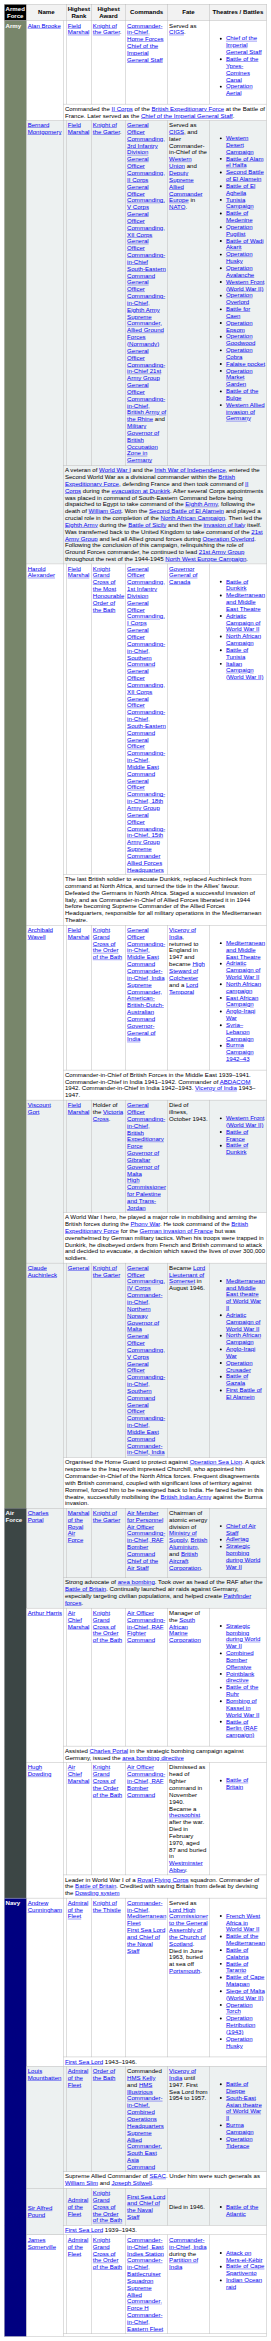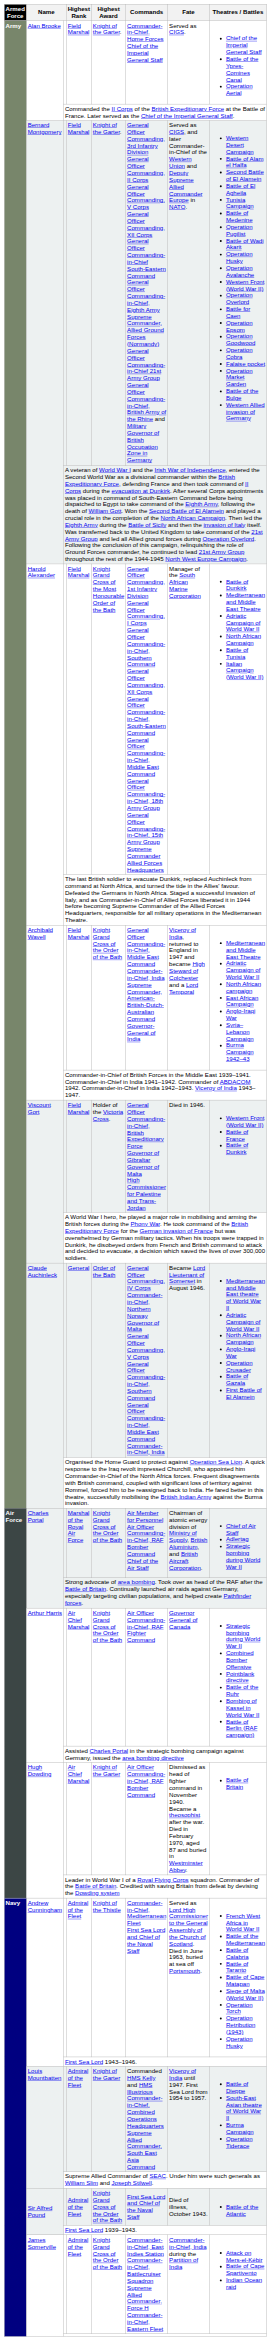 <table class="wikitable">
 <tr>
 <th style="background:#000; color:white;">Armed Force</th>
 <th colspan="2">Name</th>
 <th>Highest Rank</th>
 <th>Highest Award</th>
 <th>Commands</th>
 <th>Fate</th>
 <th>Theatres / Battles</th>
 </tr>
 <tr style="background:#fff;vertical-align: top;">
 <td style="background:#78866b; color:white;" rowspan="12"><strong>Army</strong></td>
 <td rowspan="2"><a href='#'>Alan Brooke</a></td>
 <td></td>
 <td><a href='#'>Field Marshal</a></td>
 <td><a href='#'>Knight of the Garter</a>.</td>
 <td><a href='#'>Commander-in-Chief, Home Forces</a><br><a href='#'>Chief of the Imperial General Staff</a></td>
 <td>Served as <a href='#'>CIGS</a>.</td>
 <td><br><ul><li><a href='#'>Chief of the Imperial General Staff</a></li><li><a href='#'>Battle of the Ypres-Comines Canal</a></li><li><a href='#'>Operation Aerial</a></li></ul></td>
 </tr>
 <tr style="background:#fff;vertical-align: top;">
 <td colspan="8">Commanded the <a href='#'>II Corps</a> of the <a href='#'>British Expeditionary Force</a> at the Battle of France. Later served as the <a href='#'>Chief of the Imperial General Staff</a>.</td>
 </tr>
 <tr style="background:#edf1f1;vertical-align: top;">
 <td rowspan="2"><a href='#'>Bernard Montgomery</a></td>
 <td></td>
 <td><a href='#'>Field Marshal</a></td>
 <td><a href='#'>Knight of the Garter</a>.</td>
 <td><a href='#'>General Officer Commanding, 3rd Infantry Division</a><br><a href='#'>General Officer Commanding, II Corps</a><br><a href='#'>General Officer Commanding, V Corps</a><br><a href='#'>General Officer Commanding, XII Corps</a><br><a href='#'>General Officer Commanding-in-Chief South-Eastern Command</a><br><a href='#'>General Officer Commanding-in-Chief, Eighth Army</a><br><a href='#'>Supreme Commander, Allied Ground Forces (Normandy)</a><br><a href='#'>General Officer Commanding-in-Chief 21st Army Group</a><br><a href='#'>General Officer Commanding-in-Chief, British Army of the Rhine</a> and <a href='#'>Military Governor of British Occupation Zone in Germany</a></td>
 <td>Served as <a href='#'>CIGS</a>, and later Commander-in-Chief of the <a href='#'>Western Union</a> and <a href='#'>Deputy Supreme Allied Commander Europe</a> in <a href='#'>NATO</a>.</td>
 <td><br><ul><li><a href='#'>Western Desert Campaign</a></li><li><a href='#'>Battle of Alam el Halfa</a></li><li><a href='#'>Second Battle of El Alamein</a></li><li><a href='#'>Battle of El Agheila</a></li><li><a href='#'>Tunisia Campaign</a></li><li><a href='#'>Battle of Medenine</a></li><li><a href='#'>Operation Pugilist</a></li><li><a href='#'>Battle of Wadi Akarit</a></li><li><a href='#'>Operation Husky</a></li><li><a href='#'>Operation Avalanche</a></li><li><a href='#'>Western Front (World War II)</a></li><li><a href='#'>Operation Overlord</a></li><li><a href='#'>Battle for Caen</a></li><li><a href='#'>Operation Epsom</a></li><li><a href='#'>Operation Goodwood</a></li><li><a href='#'>Operation Cobra</a></li><li><a href='#'>Falaise pocket</a></li><li><a href='#'>Operation Market Garden</a></li><li><a href='#'>Battle of the Bulge</a></li><li><a href='#'>Western Allied invasion of Germany</a></li></ul></td>
 </tr>
 <tr style="background:#edf1f1;vertical-align: top;">
 <td colspan="8">A veteran of <a href='#'>World War I</a> and the <a href='#'>Irish War of Independence</a>, entered the Second World War as a divisional commander within the <a href='#'>British Expeditionary Force</a>, defending France and then took command of <a href='#'>II Corps</a> during the <a href='#'>evacuation at Dunkirk</a>. After several Corps appointments was placed in command of South-Eastern Command before being dispatched to Egypt to take command of the <a href='#'>Eighth Army</a>, following the death of <a href='#'>William Gott</a>. Won the <a href='#'>Second Battle of El Alamein</a> and played a crucial role in the completion of the <a href='#'>North African Campaign</a>. Then led the <a href='#'>Eighth Army</a> during the <a href='#'>Battle of Sicily</a> and then the <a href='#'>invasion of Italy</a> itself. Was transferred back to the United Kingdom to take command of the <a href='#'>21st Army Group</a> and led all Allied ground forces during <a href='#'>Operation Overlord</a>. Following the conclusion of this campaign, relinquishing the role of Ground Forces commander, he continued to lead <a href='#'>21st Army Group</a> throughout the rest of the 1944-1945 <a href='#'>North West Europe Campaign</a>.</td>
 </tr>
 <tr style="background:#fff;vertical-align: top;">
 <td rowspan="2"><a href='#'>Harold Alexander</a></td>
 <td></td>
 <td><a href='#'>Field Marshal</a></td>
 <td><a href='#'>Knight Grand Cross of the Most Honourable Order of the Bath</a></td>
 <td><a href='#'>General Officer Commanding, 1st Infantry Division</a><br><a href='#'>General Officer Commanding, I Corps</a><br><a href='#'>General Officer Commanding-in-Chief, Southern Command</a><br><a href='#'>General Officer Commanding, XII Corps</a><br><a href='#'>General Officer Commanding-in-Chief, South-Eastern Command</a><br><a href='#'>General Officer Commanding-in-Chief, Middle East Command</a><br><a href='#'>General Officer Commanding-in-Chief, 18th Army Group</a><br><a href='#'>General Officer Commanding-in-Chief, 15th Army Group</a><br><a href='#'>Supreme Commander Allied Forces Headquarters</a></td>
-<td><a href='#'>Governor General of Canada</a></td>
+<td>Manager of the <a href='#'>South African Marine Corporation</a></td>
 <td><br><ul><li><a href='#'>Battle of Dunkirk</a></li><li><a href='#'>Mediterranean and Middle East Theatre</a></li><li><a href='#'>Adriatic Campaign of World War II</a></li><li><a href='#'>North African Campaign</a></li><li><a href='#'>Battle of Tunisia</a></li><li><a href='#'>Italian Campaign (World War II)</a></li></ul></td>
 </tr>
 <tr style="background:white;vertical-align: top;">
 <td colspan="8">The last British soldier to evacuate Dunkirk, replaced Auchinleck from command at North Africa, and turned the tide in the Allies' favour. Defeated the Germans in North Africa. Staged a successful invasion of Italy, and as Commander-in-Chief of Allied Forces liberated it in 1944 before becoming Supreme Commander of the Allied Forces Headquarters, responsible for all military operations in the Mediterranean Theatre.</td>
 </tr>
 <tr style="background:#fff;vertical-align: top;">
 <td rowspan="2"><a href='#'>Archibald Wavell</a></td>
 <td></td>
 <td><a href='#'>Field Marshal</a></td>
 <td><a href='#'>Knight Grand Cross of the Order of the Bath</a></td>
 <td><a href='#'>General Officer Commanding-in-Chief, Middle East Command</a><br><a href='#'>Commander-in-Chief, India</a><br><a href='#'>Supreme Commander, American-British-Dutch-Australian Command</a><br><a href='#'>Governor-General of India</a></td>
 <td><a href='#'>Viceroy of India</a>, returned to England in 1947 and became <a href='#'>High Steward of Colchester</a> and a <a href='#'>Lord Temporal</a></td>
 <td><br><ul><li><a href='#'>Mediterranean and Middle East Theatre</a></li><li><a href='#'>Adriatic Campaign of World War II</a></li><li><a href='#'>North African campaign</a></li><li><a href='#'>East African Campaign</a></li><li><a href='#'>Anglo-Iraqi War</a></li><li><a href='#'>Syria–Lebanon Campaign</a></li><li><a href='#'>Burma Campaign 1942–43</a></li></ul></td>
 </tr>
 <tr style="background:white;">
 <td colspan="8">Commander-in-Chief of British Forces in the Middle East 1939–1941. Commander-in-Chief in India 1941–1942. Commander of <a href='#'>ABDACOM</a> 1942. Commander-in-Chief in India 1942–1943. <a href='#'>Viceroy of India</a> 1943–1947.</td>
 </tr>
 <tr style="background:#edf1f1;vertical-align: top;">
 <td rowspan="2"><a href='#'>Viscount Gort</a></td>
 <td></td>
 <td><a href='#'>Field Marshal</a></td>
 <td>Holder of the <a href='#'>Victoria Cross</a>.</td>
 <td><a href='#'>General Officer Commanding-in-Chief, British Expeditionary Force</a><br><a href='#'>Governor of Gibraltar</a><br><a href='#'>Governor of Malta</a><br><a href='#'>High Commissioner for Palestine and Trans-Jordan</a></td>
-<td>Died of illness, October 1943.</td>
+<td>Died in 1946.</td>
 <td><br><ul><li><a href='#'>Western Front (World War II)</a></li><li><a href='#'>Battle of France</a></li><li><a href='#'>Battle of Dunkirk</a></li></ul></td>
 </tr>
 <tr style="background:#fff;vertical-align: top;">
 <td colspan="8">A World War I hero, he played a major role in mobilising and arming the British forces during the <a href='#'>Phony War</a>. He took command of the <a href='#'>British Expeditionary Force</a> for the <a href='#'>German invasion of France</a> but was overwhelmed by German military tactics. When his troops were trapped in Dunkirk, he disobeyed orders from French and British command to attack and decided to evacuate, a decision which saved the lives of over 300,000 soldiers.</td>
 </tr>
 <tr style="background:#edf1f1;vertical-align: top;">
 <td rowspan="2"><a href='#'>Claude Auchinleck</a></td>
 <td></td>
 <td><a href='#'>General</a></td>
-<td><a href='#'>Knight of the Garter</a></td>
+<td><a href='#'>Order of the Bath</a></td>
 <td><a href='#'>General Officer Commanding, IV Corps</a><br><a href='#'>Commander-in-Chief, Northern Norway</a><br><a href='#'>Governor of Malta</a><br><a href='#'>General Officer Commanding, V Corps</a><br><a href='#'>General Officer Commanding-in-Chief, Southern Command</a><br><a href='#'>General Officer Commanding-in-Chief, Middle East Command</a><br><a href='#'>Commander-in-Chief, India</a></td>
 <td>Became <a href='#'>Lord Lieutenant of Somerset</a> in August 1946.</td>
 <td><br><ul><li><a href='#'>Mediterranean and Middle East theatre of World War II</a></li><li><a href='#'>Adriatic Campaign of World War II</a></li><li><a href='#'>North African Campaign</a></li><li><a href='#'>Anglo-Iraqi War</a></li><li><a href='#'>Operation Crusader</a></li><li><a href='#'>Battle of Gazala</a></li><li><a href='#'>First Battle of El Alamein</a></li></ul></td>
 </tr>
 <tr style="background:white;vertical-align: top;">
 <td colspan="8">Organised the Home Guard to protect against <a href='#'>Operation Sea Lion</a>. A quick response to the Iraq revolt impressed Churchill, who appointed him Commander-in-Chief of the North Africa forces. Frequent disagreements with British command, coupled with significant loss of territory against Rommel, forced him to be reassigned back to India. He fared better in this theatre, successfully mobilising the <a href='#'>British Indian Army</a> against the Burma invasion.</td>
 </tr>
 <tr style="background:#edf1f1;vertical-align: top;">
 <td style="background:#3c4645; color:white;" rowspan="6"><strong>Air Force</strong></td>
 <td rowspan="2"><a href='#'>Charles Portal</a></td>
 <td></td>
 <td><a href='#'>Marshal of the Royal Air Force</a></td>
-<td><a href='#'>Knight of the Garter</a></td>
+<td><a href='#'>Knight Grand Cross of the Order of the Bath</a></td>
 <td><a href='#'>Air Member for Personnel</a><br><a href='#'>Air Officer Commanding-in-Chief, RAF Bomber Command</a><br><a href='#'>Chief of the Air Staff</a></td>
 <td>Chairman of atomic energy division of <a href='#'>Ministry of Supply</a>, <a href='#'>British Aluminium</a>, and <a href='#'>British Aircraft Corporation</a>.</td>
 <td><br><ul><li><a href='#'>Chief of Air Staff</a></li><li><a href='#'>Adlertag</a></li><li><a href='#'>Strategic bombing during World War II</a></li></ul></td>
 </tr>
 <tr style="background:#edf1f1;vertical-align: top;">
 <td colspan="8">Strong advocate of <a href='#'>area bombing</a>. Took over as head of the RAF after the <a href='#'>Battle of Britain</a>. Continually launched air raids against Germany, especially targeting civilian populations, and helped create <a href='#'>Pathfinder forces</a>.</td>
 </tr>
 <tr style="background:#fff;vertical-align: top;">
 <td rowspan="2"><a href='#'>Arthur Harris</a></td>
 <td></td>
 <td><a href='#'>Air Chief Marshal</a></td>
 <td><a href='#'>Knight Grand Cross of the Order of the Bath</a></td>
 <td><a href='#'>Air Officer Commanding-in-Chief, RAF Fighter Command</a></td>
-<td>Manager of the <a href='#'>South African Marine Corporation</a></td>
+<td><a href='#'>Governor General of Canada</a></td>
 <td><br><ul><li><a href='#'>Strategic bombing during World War II</a></li><li><a href='#'>Combined Bomber Offensive</a></li><li><a href='#'>Pointblank directive</a></li><li><a href='#'>Battle of the Ruhr</a></li><li><a href='#'>Bombing of Kassel in World War II</a></li><li><a href='#'>Battle of Berlin (RAF campaign)</a></li></ul></td>
 </tr>
 <tr style="background:white;">
 <td colspan="8">Assisted <a href='#'>Charles Portal</a> in the strategic bombing campaign against Germany, issued the <a href='#'>area bombing directive</a></td>
 </tr>
 <tr style="background:#fff;vertical-align: top;">
 <td rowspan="2"><a href='#'>Hugh Dowding</a></td>
 <td></td>
 <td><a href='#'>Air Chief Marshal</a></td>
-<td><a href='#'>Knight Grand Cross of the Order of the Bath</a></td>
+<td><a href='#'>Knight of the Garter</a></td>
 <td><a href='#'>Air Officer Commanding-in-Chief, RAF Bomber Command</a></td>
 <td>Dismissed as head of fighter command in November 1940. Became a <a href='#'>theosophist</a> after the war. Died in February 1970, aged 87 and buried in <a href='#'>Westminster Abbey</a>.</td>
 <td><br><ul><li><a href='#'>Battle of Britain</a></li></ul></td>
 </tr>
 <tr style="background:white;vertical-align: top;">
 <td colspan="8">Leader in World War I of a <a href='#'>Royal Flying Corps</a> squadron. Commander of the <a href='#'>Battle of Britain</a>. Credited with saving Britain from defeat by devising the <a href='#'>Dowding system</a></td>
 </tr>
 <tr style="background:white;vertical-align: top;">
 <td style="background:navy; color:white;" rowspan="8"><strong>Navy</strong></td>
 <td rowspan="2"><a href='#'>Andrew Cunningham</a></td>
 <td></td>
 <td><a href='#'>Admiral of the Fleet</a></td>
 <td><a href='#'>Knight of the Thistle</a></td>
 <td><a href='#'>Commander-in-Chief, Mediterranean Fleet</a><br><a href='#'>First Sea Lord and Chief of the Naval Staff</a></td>
 <td>Served as <a href='#'>Lord High Commissioner to the General Assembly of the Church of Scotland</a>. Died in June 1963, buried at sea off <a href='#'>Portsmouth</a>.</td>
 <td><br><ul><li><a href='#'>French West Africa in World War II</a></li><li><a href='#'>Battle of the Mediterranean</a></li><li><a href='#'>Battle of Calabria</a></li><li><a href='#'>Battle of Taranto</a></li><li><a href='#'>Battle of Cape Matapan</a></li><li><a href='#'>Siege of Malta (World War II)</a></li><li><a href='#'>Operation Torch</a></li><li><a href='#'>Operation Retribution (1943)</a></li><li><a href='#'>Operation Husky</a></li></ul></td>
 </tr>
 <tr style="background:#ffffff;vertical-align: top;">
 <td colspan="8"><a href='#'>First Sea Lord</a> 1943–1946.</td>
 </tr>
 <tr style="background:#edf1f1;vertical-align: top;">
 <td rowspan="2"><a href='#'>Louis Mountbatten</a></td>
 <td></td>
 <td><a href='#'>Admiral of the Fleet</a></td>
-<td><a href='#'>Order of the Bath</a></td>
+<td><a href='#'>Knight of the Garter</a></td>
 <td>Commanded <a href='#'>HMS Kelly</a> and <a href='#'>HMS Illustrious</a><br><a href='#'>Commander-in-Chief, Combined Operations Headquarters</a><br><a href='#'>Supreme Allied Commander, South East Asia Command</a></td>
 <td><a href='#'>Viceroy of India</a> until 1947. First Sea Lord from 1954 to 1957.</td>
 <td><br><ul><li><a href='#'>Battle of Dieppe</a></li><li><a href='#'>South-East Asian theatre of World War II</a></li><li><a href='#'>Burma Campaign</a></li><li><a href='#'>Operation Tiderace</a></li></ul></td>
 </tr>
 <tr style="background:white;vertical-align: top;">
 <td colspan="8">Supreme Allied Commander of <a href='#'>SEAC</a>. Under him were such generals as <a href='#'>William Slim</a> and <a href='#'>Joseph Stilwell</a>.</td>
 </tr>
 <tr style="background:#edf1f1;">
 <td rowspan="2"><a href='#'>Sir Alfred Pound</a></td>
 <td></td>
 <td><a href='#'>Admiral of the Fleet</a></td>
 <td><a href='#'>Knight Grand Cross of the Order of the Bath</a></td>
 <td><a href='#'>First Sea Lord and Chief of the Naval Staff</a></td>
-<td>Died in 1946.</td>
+<td>Died of illness, October 1943.</td>
 <td><br><ul><li><a href='#'>Battle of the Atlantic</a></li></ul></td>
 </tr>
 <tr style="background:white;vertical-align: top;">
 <td colspan="8"><a href='#'>First Sea Lord</a> 1939–1943.</td>
 </tr>
 <tr style="background:#ffffff;vertical-align: top;">
 <td rowspan="2"><a href='#'>James Somerville</a></td>
 <td></td>
 <td><a href='#'>Admiral of the Fleet</a></td>
 <td><a href='#'>Knight Grand Cross of the Order of the Bath</a></td>
 <td><a href='#'>Commander-in-Chief, East Indies Station</a><br><a href='#'>Commander-in-Chief, Battlecruiser Squadron</a><br><a href='#'>Supreme Allied Commander, Force H</a><br><a href='#'>Commander-in-Chief, Eastern Fleet</a></td>
 <td><a href='#'>Commander-in-Chief, India</a> during the <a href='#'>Partition of India</a></td>
 <td><br><ul><li><a href='#'>Attack on Mers-el-Kébir</a></li><li><a href='#'>Battle of Cape Spartivento</a></li><li><a href='#'>Indian Ocean raid</a></li></ul></td>
 </tr>
 <tr style="background:white;vertical-align: top;">
 <td colspan="8"></td>
 </tr>
 </table>
